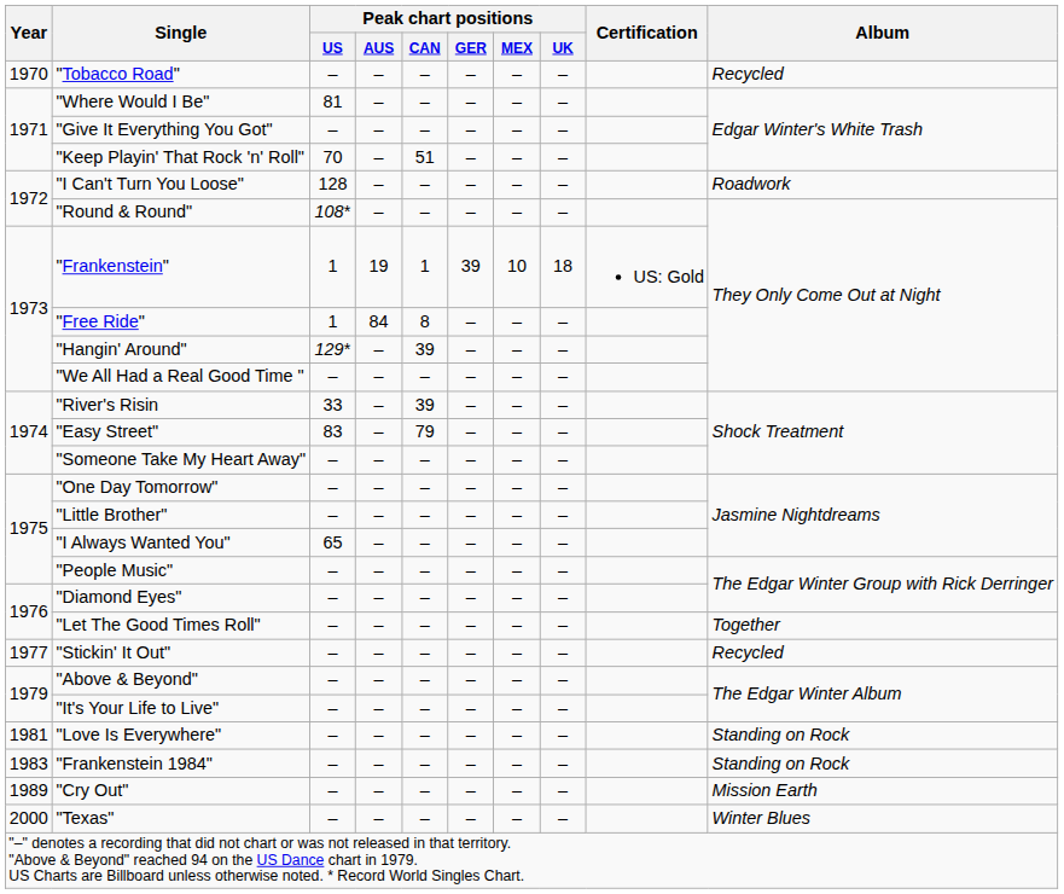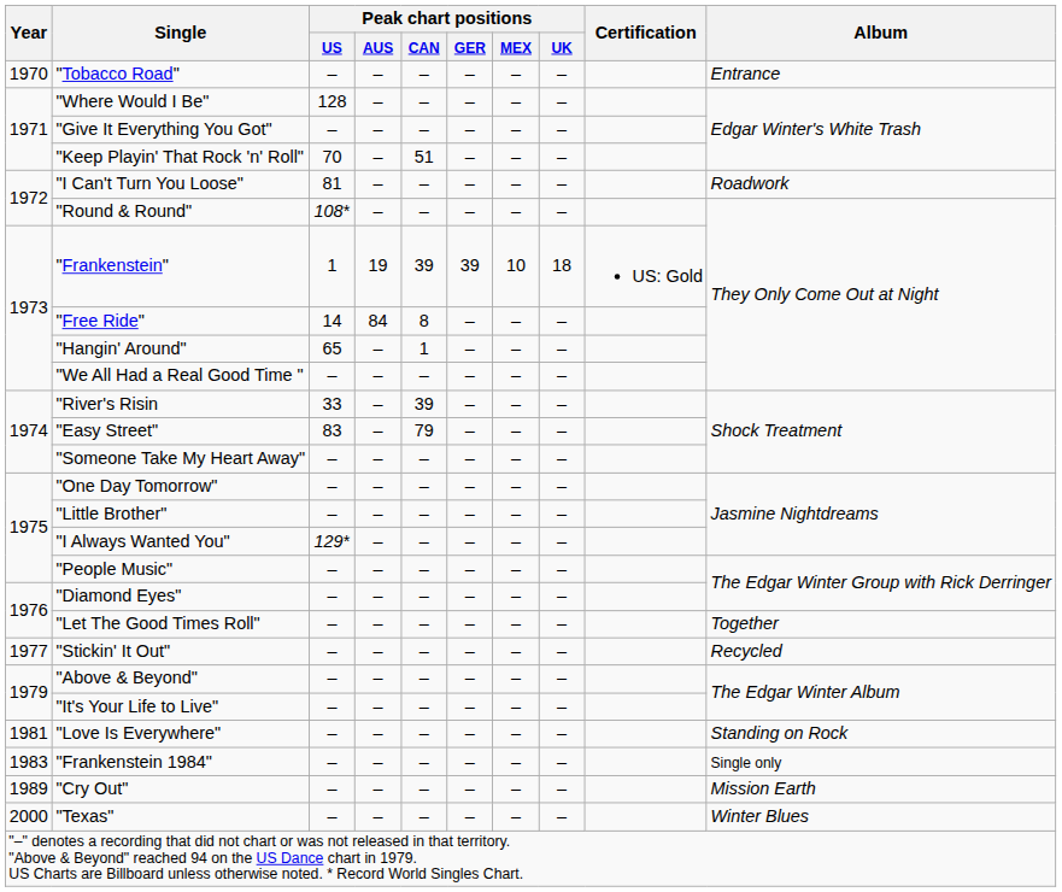 <table class="wikitable">
 <tr>
 <th rowspan="2">Year</th>
 <th rowspan="2">Single</th>
 <th colspan="6">Peak chart positions</th>
 <th rowspan="2">Certification</th>
 <th rowspan="2">Album</th>
 </tr>
 <tr>
 <th scope="col"; width="35px"><small><a href='#'>US</a><br></small></th>
 <th scope="col"; width="35px"><small><a href='#'>AUS</a><br></small></th>
 <th scope="col"; width="35px"><small><a href='#'>CAN</a><br></small></th>
 <th scope="col"; width="35px"><small><a href='#'>GER</a><br></small></th>
 <th scope="col"; width="35px"><small><a href='#'>MEX</a><br></small></th>
 <th scope="col"; width="35px"><small><a href='#'>UK</a><br></small></th>
 </tr>
 <tr>
 <td>1970</td>
 <td>"<a href='#'>Tobacco Road</a>"</td>
 <td style="text-align:center;">–</td>
 <td style="text-align:center;">–</td>
 <td style="text-align:center;">–</td>
 <td style="text-align:center;">–</td>
 <td style="text-align:center;">–</td>
 <td style="text-align:center;">–</td>
 <td></td>
-<td><em>Recycled</em></td>
+<td><em>Entrance</em></td>
 </tr>
 <tr>
 <td rowspan="3">1971</td>
 <td>"Where Would I Be"</td>
-<td style="text-align:center;">81</td>
+<td style="text-align:center;">128</td>
 <td style="text-align:center;">–</td>
 <td style="text-align:center;">–</td>
 <td style="text-align:center;">–</td>
 <td style="text-align:center;">–</td>
 <td style="text-align:center;">–</td>
 <td></td>
 <td rowspan="3"><em>Edgar Winter's White Trash</em></td>
 </tr>
 <tr>
 <td>"Give It Everything You Got"</td>
 <td style="text-align:center;">–</td>
 <td style="text-align:center;">–</td>
 <td style="text-align:center;">–</td>
 <td style="text-align:center;">–</td>
 <td style="text-align:center;">–</td>
 <td style="text-align:center;">–</td>
 <td></td>
 </tr>
 <tr>
 <td>"Keep Playin' That Rock 'n' Roll"</td>
 <td style="text-align:center;">70</td>
 <td style="text-align:center;">–</td>
 <td style="text-align:center;">51</td>
 <td style="text-align:center;">–</td>
 <td style="text-align:center;">–</td>
 <td style="text-align:center;">–</td>
 <td></td>
 </tr>
 <tr>
 <td rowspan="2">1972</td>
 <td>"I Can't Turn You Loose"</td>
-<td style="text-align:center;">128</td>
+<td style="text-align:center;">81</td>
 <td style="text-align:center;">–</td>
 <td style="text-align:center;">–</td>
 <td style="text-align:center;">–</td>
 <td style="text-align:center;">–</td>
 <td style="text-align:center;">–</td>
 <td></td>
 <td><em>Roadwork</em></td>
 </tr>
 <tr>
 <td>"Round & Round"</td>
 <td style="text-align:center;"><em>108</em>*</td>
 <td style="text-align:center;">–</td>
 <td style="text-align:center;">–</td>
 <td style="text-align:center;">–</td>
 <td style="text-align:center;">–</td>
 <td style="text-align:center;">–</td>
 <td></td>
 <td rowspan="5"><em>They Only Come Out at Night</em></td>
 </tr>
 <tr>
 <td rowspan="4">1973</td>
 <td>"<a href='#'>Frankenstein</a>"</td>
 <td style="text-align:center;">1</td>
 <td style="text-align:center;">19</td>
-<td style="text-align:center;">1</td>
+<td style="text-align:center;">39</td>
 <td style="text-align:center;">39</td>
 <td style="text-align:center;">10</td>
 <td style="text-align:center;">18</td>
 <td><br><ul><li>US: Gold</li></ul></td>
 </tr>
 <tr>
 <td>"<a href='#'>Free Ride</a>"</td>
-<td style="text-align:center;">1</td>
+<td style="text-align:center;">14</td>
 <td style="text-align:center;">84</td>
 <td style="text-align:center;">8</td>
 <td style="text-align:center;">–</td>
 <td style="text-align:center;">–</td>
 <td style="text-align:center;">–</td>
 <td></td>
 </tr>
 <tr>
 <td>"Hangin' Around"</td>
-<td style="text-align:center;"><em>129</em>*</td>
+<td style="text-align:center;">65</td>
 <td style="text-align:center;">–</td>
-<td style="text-align:center;">39</td>
+<td style="text-align:center;">1</td>
 <td style="text-align:center;">–</td>
 <td style="text-align:center;">–</td>
 <td style="text-align:center;">–</td>
 <td></td>
 </tr>
 <tr>
 <td>"We All Had a Real Good Time "</td>
 <td style="text-align:center;">–</td>
 <td style="text-align:center;">–</td>
 <td style="text-align:center;">–</td>
 <td style="text-align:center;">–</td>
 <td style="text-align:center;">–</td>
 <td style="text-align:center;">–</td>
 <td></td>
 </tr>
 <tr>
 <td rowspan="3">1974</td>
 <td>"River's Risin</td>
 <td style="text-align:center;">33</td>
 <td style="text-align:center;">–</td>
 <td style="text-align:center;">39</td>
 <td style="text-align:center;">–</td>
 <td style="text-align:center;">–</td>
 <td style="text-align:center;">–</td>
 <td></td>
 <td rowspan="3"><em>Shock Treatment</em></td>
 </tr>
 <tr>
 <td>"Easy Street"</td>
 <td style="text-align:center;">83</td>
 <td style="text-align:center;">–</td>
 <td style="text-align:center;">79</td>
 <td style="text-align:center;">–</td>
 <td style="text-align:center;">–</td>
 <td style="text-align:center;">–</td>
 <td></td>
 </tr>
 <tr>
 <td>"Someone Take My Heart Away"</td>
 <td style="text-align:center;">–</td>
 <td style="text-align:center;">–</td>
 <td style="text-align:center;">–</td>
 <td style="text-align:center;">–</td>
 <td style="text-align:center;">–</td>
 <td style="text-align:center;">–</td>
 <td></td>
 </tr>
 <tr>
 <td rowspan="4">1975</td>
 <td>"One Day Tomorrow"</td>
 <td style="text-align:center;">–</td>
 <td style="text-align:center;">–</td>
 <td style="text-align:center;">–</td>
 <td style="text-align:center;">–</td>
 <td style="text-align:center;">–</td>
 <td style="text-align:center;">–</td>
 <td></td>
 <td rowspan="3"><em>Jasmine Nightdreams</em></td>
 </tr>
 <tr>
 <td>"Little Brother"</td>
 <td style="text-align:center;">–</td>
 <td style="text-align:center;">–</td>
 <td style="text-align:center;">–</td>
 <td style="text-align:center;">–</td>
 <td style="text-align:center;">–</td>
 <td style="text-align:center;">–</td>
 <td></td>
 </tr>
 <tr>
 <td>"I Always Wanted You"</td>
-<td style="text-align:center;">65</td>
+<td style="text-align:center;"><em>129</em>*</td>
 <td style="text-align:center;">–</td>
 <td style="text-align:center;">–</td>
 <td style="text-align:center;">–</td>
 <td style="text-align:center;">–</td>
 <td style="text-align:center;">–</td>
 <td></td>
 </tr>
 <tr>
 <td>"People Music"</td>
 <td style="text-align:center;">–</td>
 <td style="text-align:center;">–</td>
 <td style="text-align:center;">–</td>
 <td style="text-align:center;">–</td>
 <td style="text-align:center;">–</td>
 <td style="text-align:center;">–</td>
 <td></td>
 <td rowspan="2"><em>The Edgar Winter Group with Rick Derringer</em></td>
 </tr>
 <tr>
 <td rowspan="2">1976</td>
 <td>"Diamond Eyes"</td>
 <td style="text-align:center;">–</td>
 <td style="text-align:center;">–</td>
 <td style="text-align:center;">–</td>
 <td style="text-align:center;">–</td>
 <td style="text-align:center;">–</td>
 <td style="text-align:center;">–</td>
 <td></td>
 </tr>
 <tr>
 <td>"Let The Good Times Roll"</td>
 <td style="text-align:center;">–</td>
 <td style="text-align:center;">–</td>
 <td style="text-align:center;">–</td>
 <td style="text-align:center;">–</td>
 <td style="text-align:center;">–</td>
 <td style="text-align:center;">–</td>
 <td></td>
 <td><em>Together</em></td>
 </tr>
 <tr>
 <td>1977</td>
 <td>"Stickin' It Out"</td>
 <td style="text-align:center;">–</td>
 <td style="text-align:center;">–</td>
 <td style="text-align:center;">–</td>
 <td style="text-align:center;">–</td>
 <td style="text-align:center;">–</td>
 <td style="text-align:center;">–</td>
 <td></td>
 <td><em>Recycled</em></td>
 </tr>
 <tr>
 <td rowspan="2">1979</td>
 <td>"Above & Beyond"</td>
 <td style="text-align:center;">–</td>
 <td style="text-align:center;">–</td>
 <td style="text-align:center;">–</td>
 <td style="text-align:center;">–</td>
 <td style="text-align:center;">–</td>
 <td style="text-align:center;">–</td>
 <td></td>
 <td rowspan="2"><em>The Edgar Winter Album</em></td>
 </tr>
 <tr>
 <td>"It's Your Life to Live"</td>
 <td style="text-align:center;">–</td>
 <td style="text-align:center;">–</td>
 <td style="text-align:center;">–</td>
 <td style="text-align:center;">–</td>
 <td style="text-align:center;">–</td>
 <td style="text-align:center;">–</td>
 <td></td>
 </tr>
 <tr>
 <td>1981</td>
 <td>"Love Is Everywhere"</td>
 <td style="text-align:center;">–</td>
 <td style="text-align:center;">–</td>
 <td style="text-align:center;">–</td>
 <td style="text-align:center;">–</td>
 <td style="text-align:center;">–</td>
 <td style="text-align:center;">–</td>
 <td></td>
 <td><em>Standing on Rock</em></td>
 </tr>
 <tr>
 <td>1983</td>
 <td>"Frankenstein 1984"</td>
 <td style="text-align:center;">–</td>
 <td style="text-align:center;">–</td>
 <td style="text-align:center;">–</td>
 <td style="text-align:center;">–</td>
 <td style="text-align:center;">–</td>
 <td style="text-align:center;">–</td>
 <td></td>
-<td><em>Standing on Rock</em></td>
+<td><small>Single only</small></td>
 </tr>
 <tr>
 <td>1989</td>
 <td>"Cry Out"</td>
 <td style="text-align:center;">–</td>
 <td style="text-align:center;">–</td>
 <td style="text-align:center;">–</td>
 <td style="text-align:center;">–</td>
 <td style="text-align:center;">–</td>
 <td style="text-align:center;">–</td>
 <td></td>
 <td><em>Mission Earth</em></td>
 </tr>
 <tr>
 <td>2000</td>
 <td>"Texas"</td>
 <td style="text-align:center;">–</td>
 <td style="text-align:center;">–</td>
 <td style="text-align:center;">–</td>
 <td style="text-align:center;">–</td>
 <td style="text-align:center;">–</td>
 <td style="text-align:center;">–</td>
 <td></td>
 <td><em>Winter Blues</em></td>
 </tr>
 <tr>
 <td colspan="10" style="font-size:85%">"–" denotes a recording that did not chart or was not released in that territory.<br>"Above & Beyond" reached 94 on the <a href='#'>US Dance</a> chart in 1979. <br> US Charts are Billboard unless otherwise noted. * Record World Singles Chart.</td>
 </tr>
 </table>
